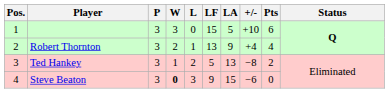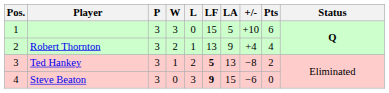 <table class="wikitable" style="text-align:center; margin: 1em auto 1em auto, align:left">
 <tr>
 <th width=20>Pos.</th>
 <th width=175>Player</th>
 <th width=20>P</th>
 <th width=20>W</th>
 <th width=20>L</th>
 <th width=20>LF</th>
 <th width=20>LA</th>
 <th width=20>+/-</th>
 <th width=20>Pts</th>
 <th width=150>Status</th>
 </tr>
 <tr style="background:#CCFFCC;">
 <td>1</td>
 <td style="text-align:left;"></td>
 <td>3</td>
 <td>3</td>
 <td>0</td>
 <td>15</td>
 <td>5</td>
 <td>+10</td>
 <td>6</td>
 <td rowspan=2><strong>Q</strong></td>
 </tr>
 <tr style="background:#CCFFCC;">
 <td>2</td>
 <td style="text-align:left;"> <a href='#'>Robert Thornton</a></td>
 <td>3</td>
 <td>2</td>
 <td>1</td>
 <td>13</td>
 <td>9</td>
 <td>+4</td>
 <td>4</td>
 </tr>
 <tr style="background:#FFCCCC;">
 <td>3</td>
 <td style="text-align:left;"> <a href='#'>Ted Hankey</a></td>
 <td>3</td>
 <td>1</td>
 <td>2</td>
-<td>5</td>
+<td><strong>5</strong></td>
 <td>13</td>
 <td>−8</td>
 <td>2</td>
 <td rowspan=2>Eliminated</td>
 </tr>
 <tr style="background:#FFCCCC;">
 <td>4</td>
 <td style="text-align:left;"> <a href='#'>Steve Beaton</a></td>
 <td>3</td>
-<td><strong>0</strong></td>
+<td>0</td>
 <td>3</td>
-<td>9</td>
+<td><strong>9</strong></td>
 <td>15</td>
 <td>−6</td>
 <td>0</td>
 </tr>
 </table>
